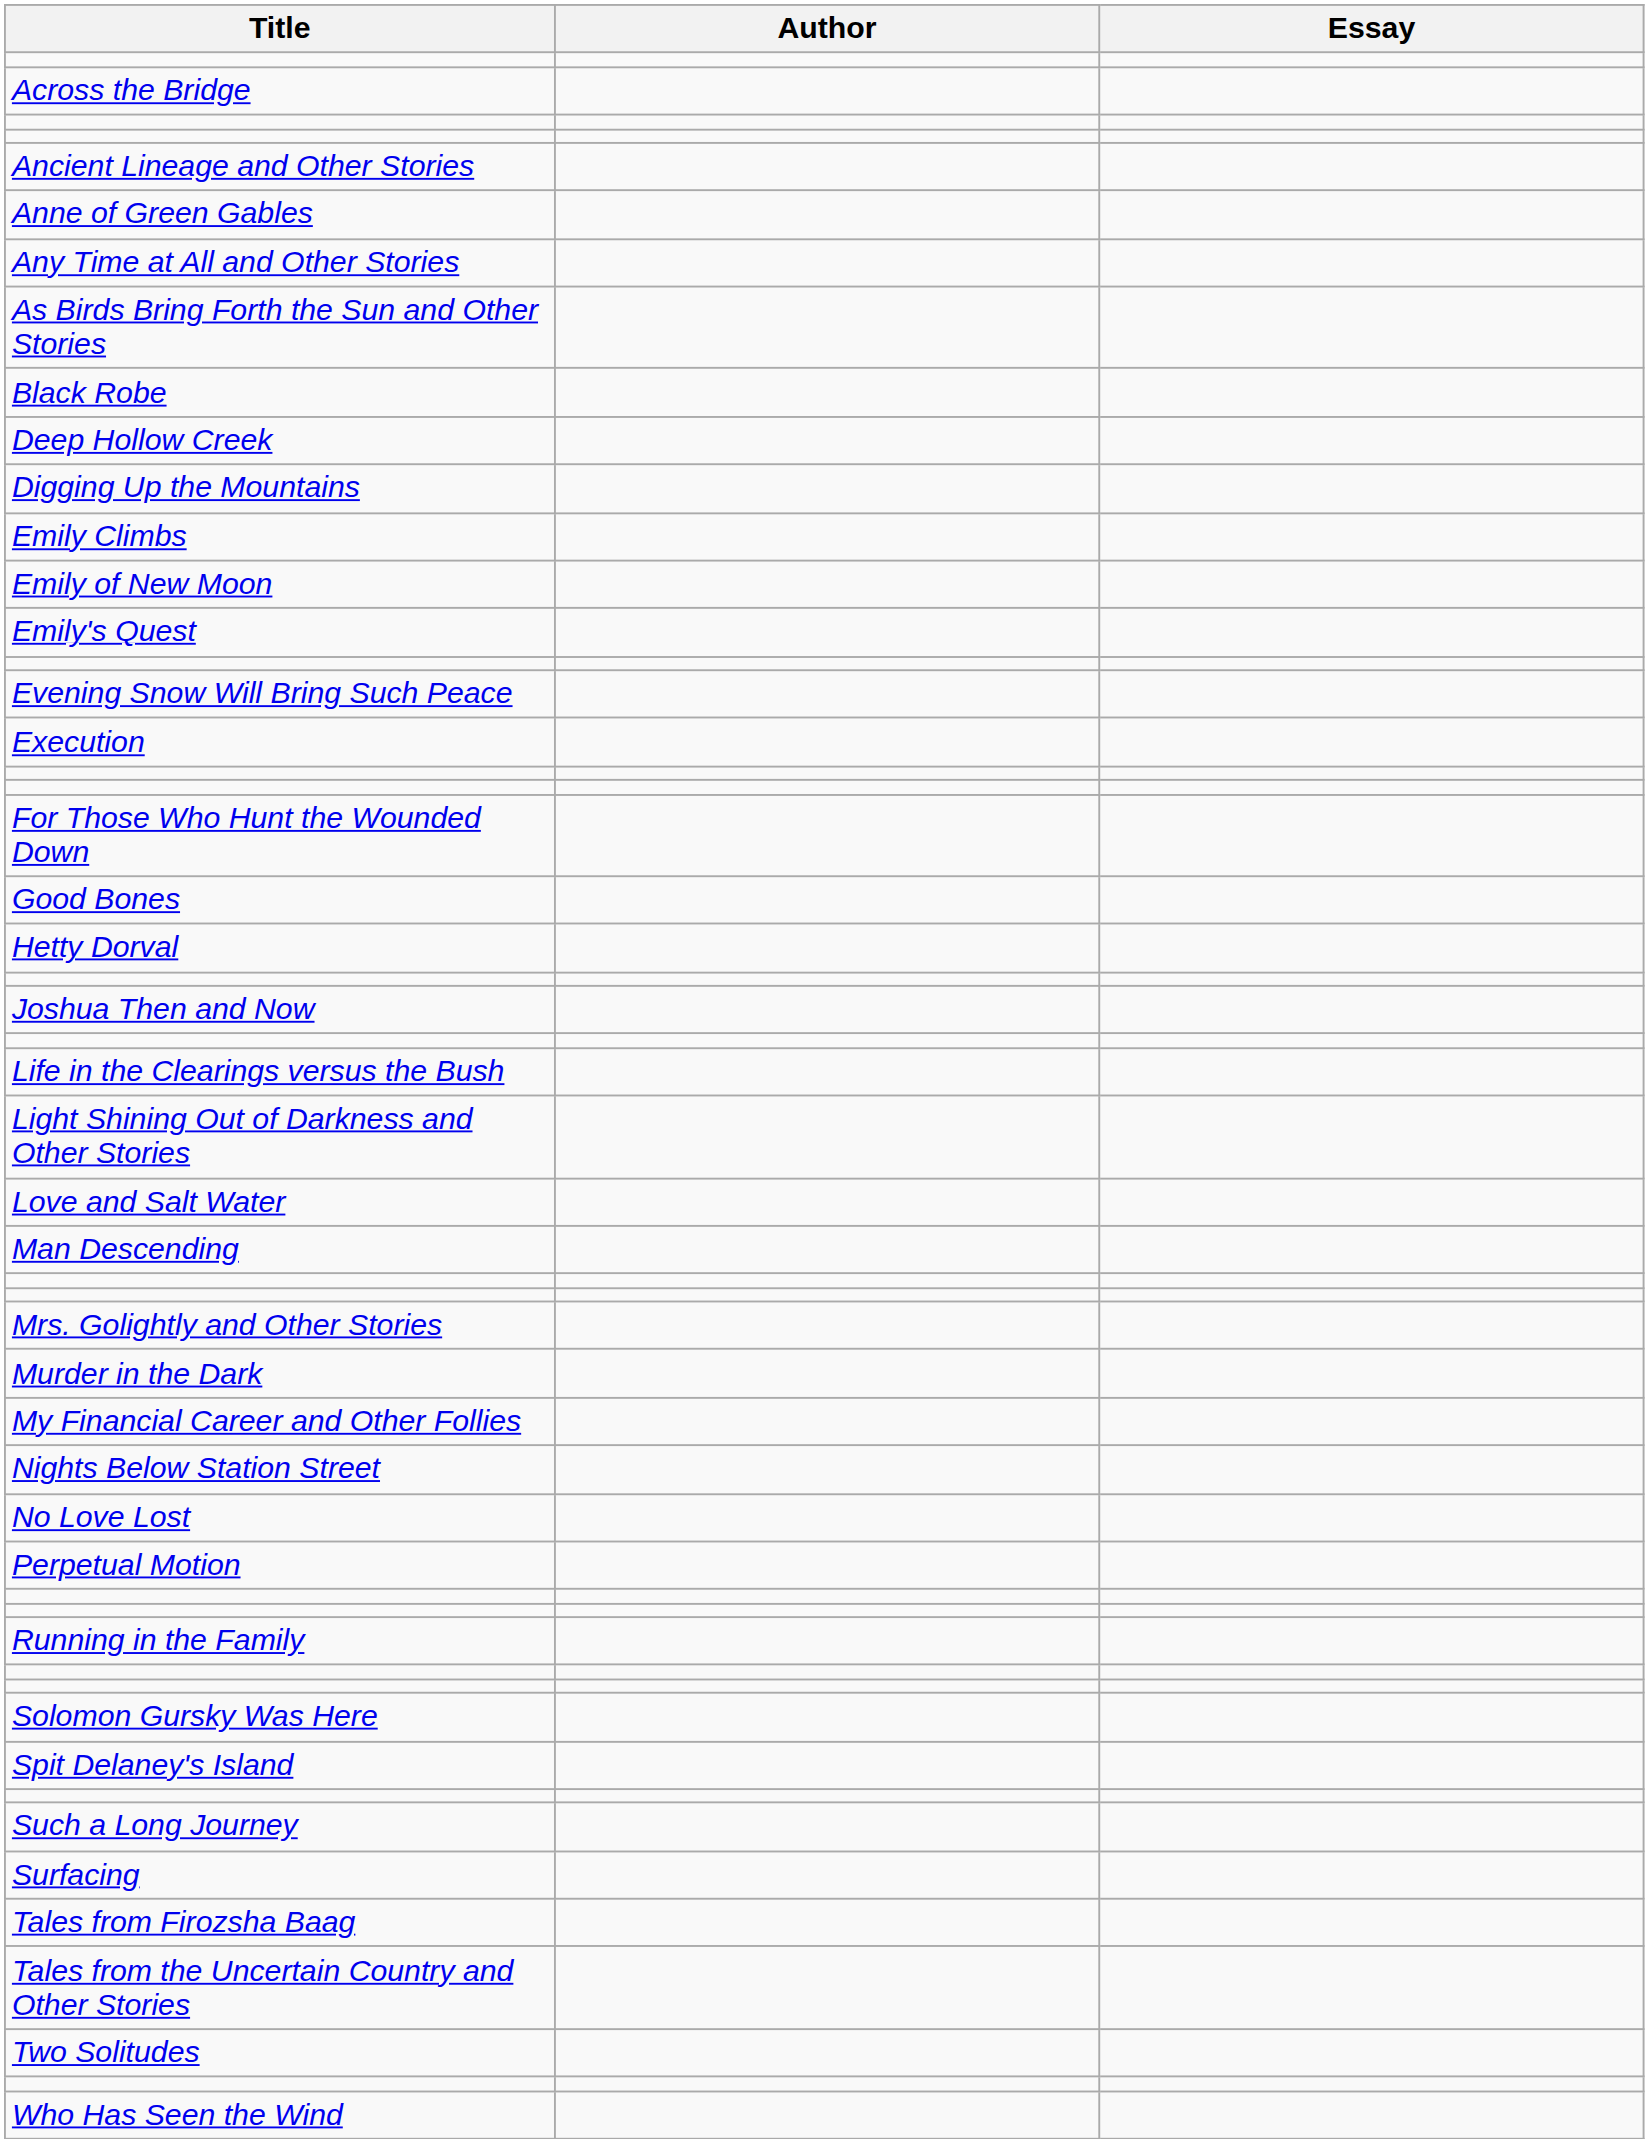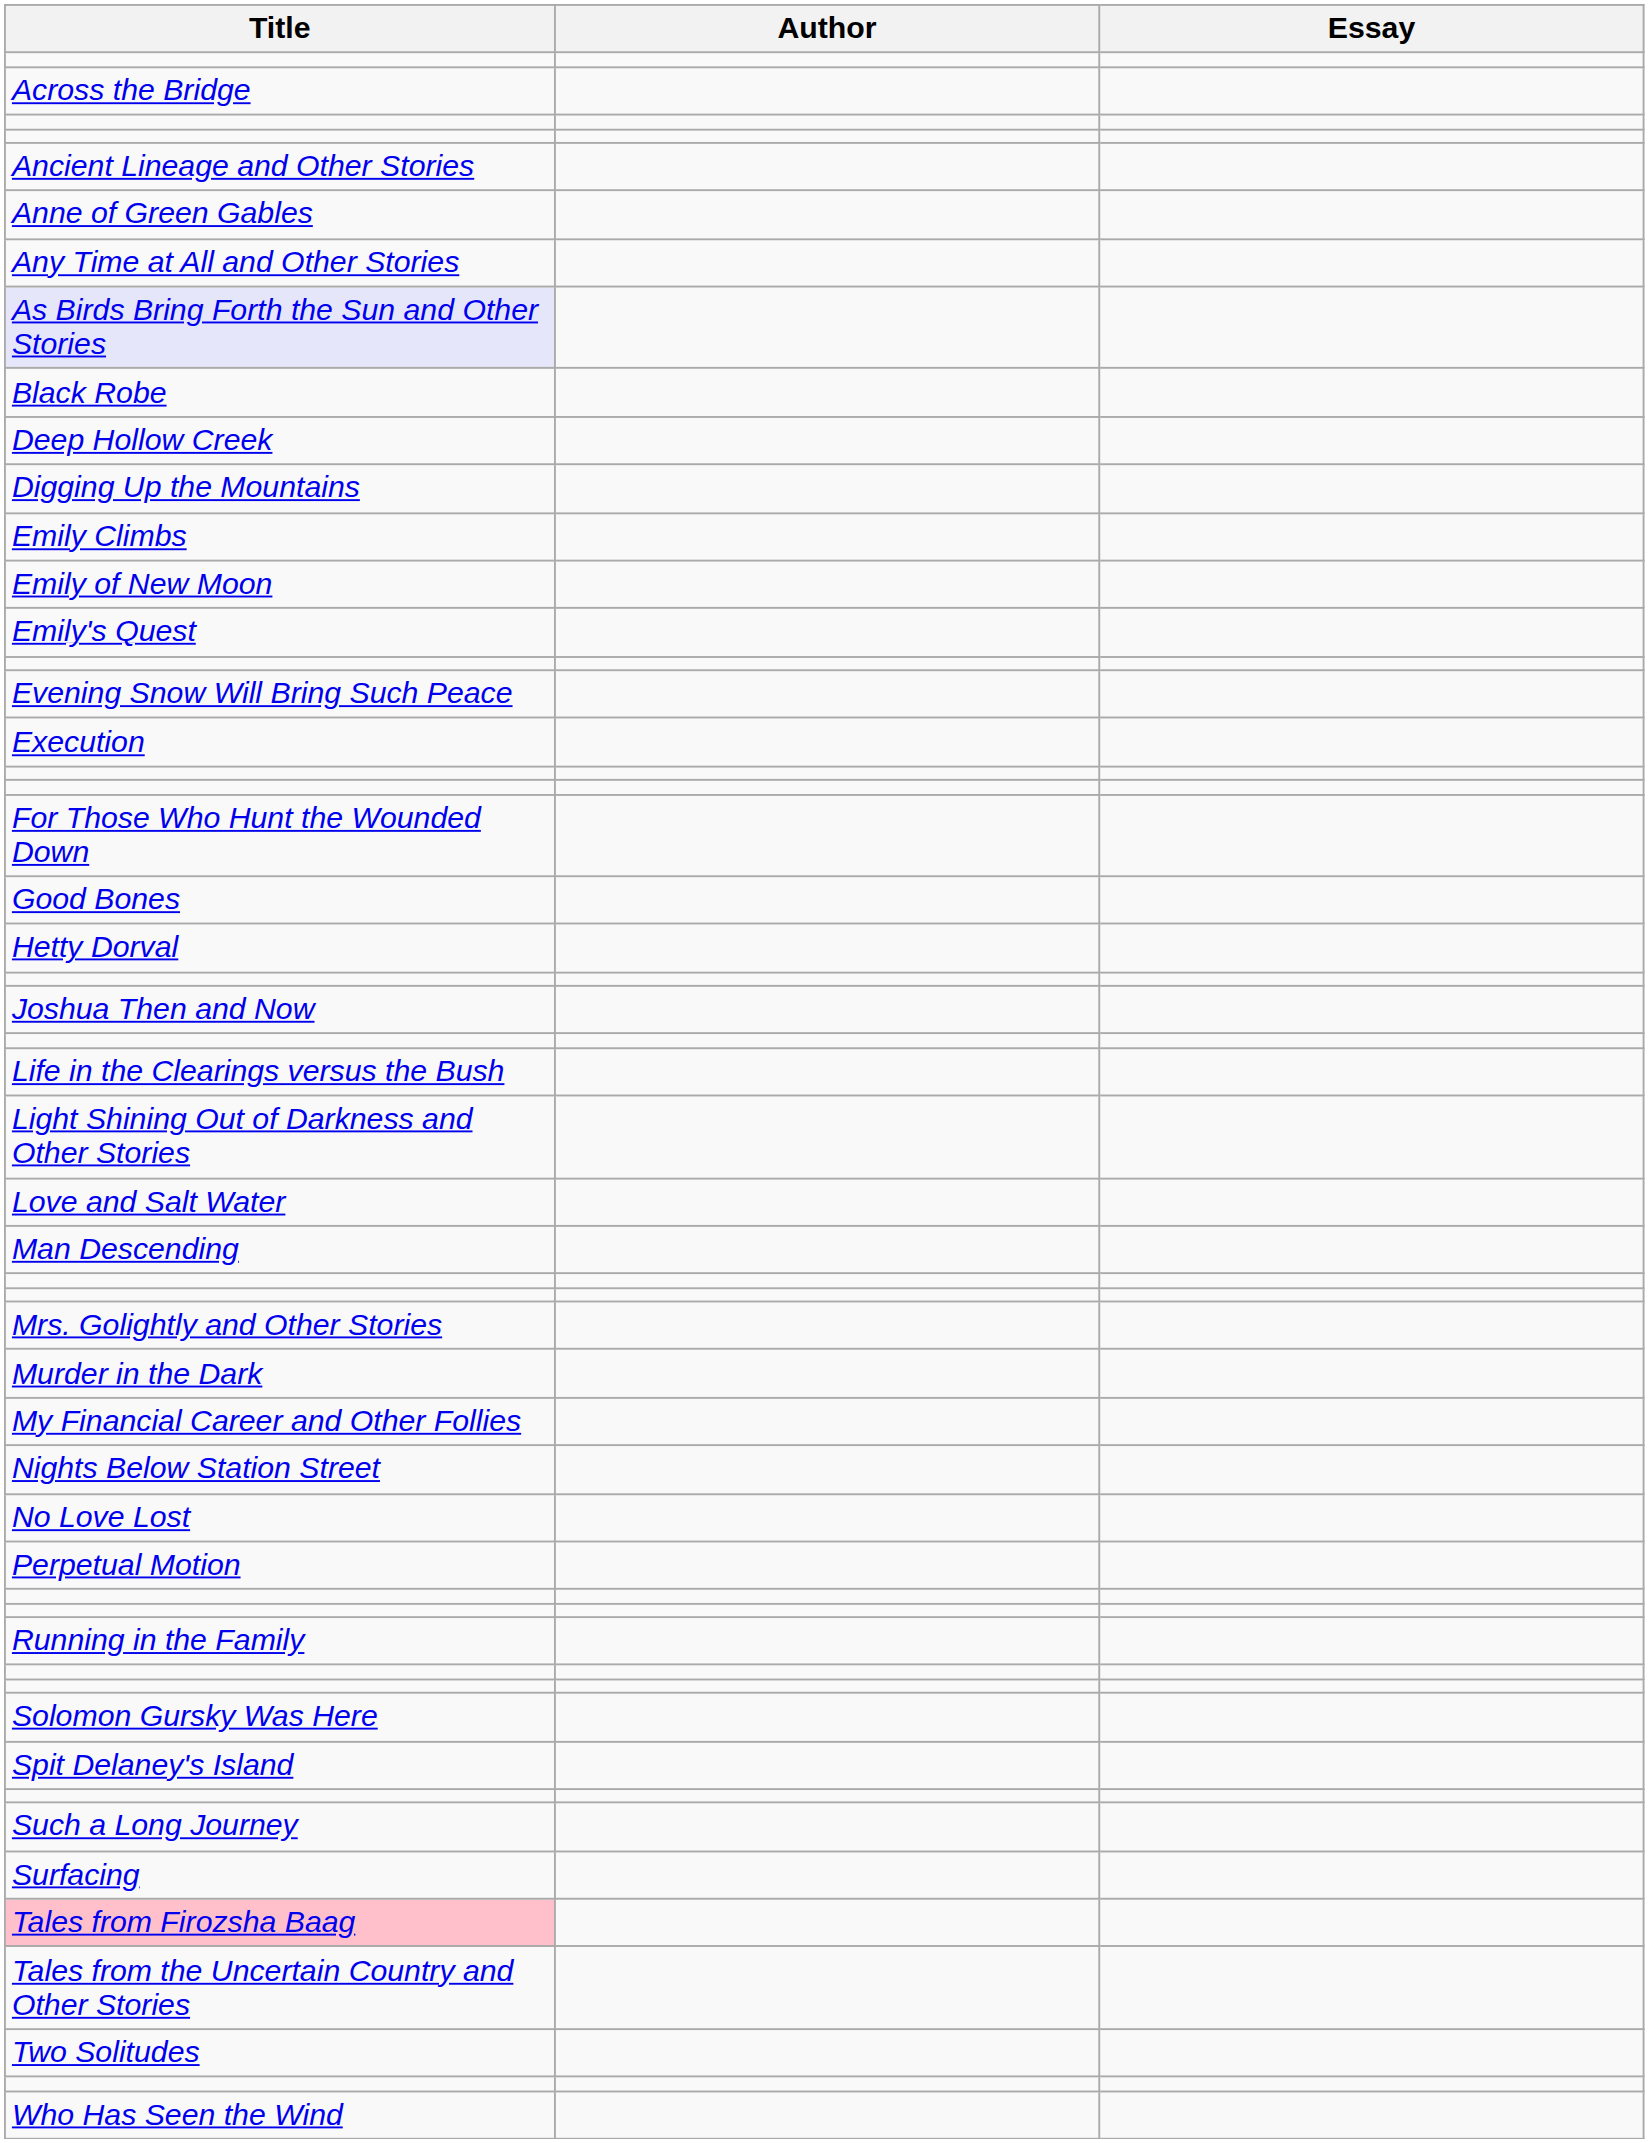 <table class="wikitable sortable">
 <tr>
 <th width=300>Title</th>
 <th width=300>Author</th>
 <th width=300>Essay</th>
 </tr>
 <tr align=center>
 <td align=left><em></em></td>
 <td align=left></td>
 <td align=left></td>
 </tr>
 <tr align=center>
 <td align=left><em><a href='#'>Across the Bridge</a></em></td>
 <td align=left></td>
 <td align=left></td>
 </tr>
 <tr align=center>
 <td align=left><em></em></td>
 <td align=left></td>
 <td align=left></td>
 </tr>
 <tr align=center>
 <td align=left><em></em></td>
 <td align=left></td>
 <td align=left></td>
 </tr>
 <tr align=center>
 <td align=left><em><a href='#'>Ancient Lineage and Other Stories</a></em></td>
 <td align=left></td>
 <td align=left></td>
 </tr>
 <tr align=center>
 <td align=left><em><a href='#'>Anne of Green Gables</a></em></td>
 <td align=left></td>
 <td align=left></td>
 </tr>
 <tr align=center>
 <td align=left><em><a href='#'>Any Time at All and Other Stories</a></em></td>
 <td align=left></td>
 <td align=left></td>
 </tr>
 <tr align=center>
-<td align=left><em><a href='#'>As Birds Bring Forth the Sun and Other Stories</a></em></td>
+<td align=left style="background: lavender;"><em><a href='#'>As Birds Bring Forth the Sun and Other Stories</a></em></td>
 <td align=left></td>
 <td align=left></td>
 </tr>
 <tr align=center>
 <td align=left><em><a href='#'>Black Robe</a></em></td>
 <td align=left></td>
 <td align=left></td>
 </tr>
 <tr align=center>
 <td align=left><em><a href='#'>Deep Hollow Creek</a></em></td>
 <td align=left></td>
 <td align=left></td>
 </tr>
 <tr align=center>
 <td align=left><em><a href='#'>Digging Up the Mountains</a></em></td>
 <td align=left></td>
 <td align=left></td>
 </tr>
 <tr align=center>
 <td align=left><em><a href='#'>Emily Climbs</a></em></td>
 <td align=left></td>
 <td align=left></td>
 </tr>
 <tr align=center>
 <td align=left><em><a href='#'>Emily of New Moon</a></em></td>
 <td align=left></td>
 <td align=left></td>
 </tr>
 <tr align=center>
 <td align=left><em><a href='#'>Emily's Quest</a></em></td>
 <td align=left></td>
 <td align=left></td>
 </tr>
 <tr align=center>
 <td align=left><em></em></td>
 <td align=left></td>
 <td align=left></td>
 </tr>
 <tr align=center>
 <td align=left><em><a href='#'>Evening Snow Will Bring Such Peace</a></em></td>
 <td align=left></td>
 <td align=left></td>
 </tr>
 <tr align=center>
 <td align=left><em><a href='#'>Execution</a></em></td>
 <td align=left></td>
 <td align=left></td>
 </tr>
 <tr align=center>
 <td align=left><em></em></td>
 <td align=left></td>
 <td align=left></td>
 </tr>
 <tr align=center>
 <td align=left><em></em></td>
 <td align=left></td>
 <td align=left></td>
 </tr>
 <tr align=center>
 <td align=left><em><a href='#'>For Those Who Hunt the Wounded Down</a></em></td>
 <td align=left></td>
 <td align=left></td>
 </tr>
 <tr align=center>
 <td align=left><em><a href='#'>Good Bones</a></em></td>
 <td align=left></td>
 <td align=left></td>
 </tr>
 <tr align=center>
 <td align=left><em><a href='#'>Hetty Dorval</a></em></td>
 <td align=left></td>
 <td align=left></td>
 </tr>
 <tr align=center>
 <td align=left><em></em></td>
 <td align=left></td>
 <td align=left></td>
 </tr>
 <tr align=center>
 <td align=left><em><a href='#'>Joshua Then and Now</a></em></td>
 <td align=left></td>
 <td align=left></td>
 </tr>
 <tr align=center>
 <td align=left><em></em></td>
 <td align=left></td>
 <td align=left></td>
 </tr>
 <tr align=center>
 <td align=left><em><a href='#'>Life in the Clearings versus the Bush</a></em></td>
 <td align=left></td>
 <td align=left></td>
 </tr>
 <tr align=center>
 <td align=left><em><a href='#'>Light Shining Out of Darkness and Other Stories</a></em></td>
 <td align=left></td>
 <td align=left></td>
 </tr>
 <tr align=center>
 <td align=left><em><a href='#'>Love and Salt Water</a></em></td>
 <td align=left></td>
 <td align=left></td>
 </tr>
 <tr align=center>
 <td align=left><em><a href='#'>Man Descending</a></em></td>
 <td align=left></td>
 <td align=left></td>
 </tr>
 <tr align=center>
 <td align=left><em></em></td>
 <td align=left></td>
 <td align=left></td>
 </tr>
 <tr align=center>
 <td align=left><em></em></td>
 <td align=left></td>
 <td align=left></td>
 </tr>
 <tr align=center>
 <td align=left><em><a href='#'>Mrs. Golightly and Other Stories</a></em></td>
 <td align=left></td>
 <td align=left></td>
 </tr>
 <tr align=center>
 <td align=left><em><a href='#'>Murder in the Dark</a></em></td>
 <td align=left></td>
 <td align=left></td>
 </tr>
 <tr align=center>
 <td align=left><em><a href='#'>My Financial Career and Other Follies</a></em></td>
 <td align=left></td>
 <td align=left></td>
 </tr>
 <tr align=center>
 <td align=left><em><a href='#'>Nights Below Station Street</a></em></td>
 <td align=left></td>
 <td align=left></td>
 </tr>
 <tr align=center>
 <td align=left><em><a href='#'>No Love Lost</a></em></td>
 <td align=left></td>
 <td align=left></td>
 </tr>
 <tr align=center>
 <td align=left><em><a href='#'>Perpetual Motion</a></em></td>
 <td align=left></td>
 <td align=left></td>
 </tr>
 <tr align=center>
 <td align=left><em></em></td>
 <td align=left></td>
 <td align=left></td>
 </tr>
 <tr align=center>
 <td align=left><em></em></td>
 <td align=left></td>
 <td align=left></td>
 </tr>
 <tr align=center>
 <td align=left><em><a href='#'>Running in the Family</a></em></td>
 <td align=left></td>
 <td align=left></td>
 </tr>
 <tr align=center>
 <td align=left><em></em></td>
 <td align=left></td>
 <td align=left></td>
 </tr>
 <tr align=center>
 <td align=left><em></em></td>
 <td align=left></td>
 <td align=left></td>
 </tr>
 <tr align=center>
 <td align=left><em><a href='#'>Solomon Gursky Was Here</a></em></td>
 <td align=left></td>
 <td align=left></td>
 </tr>
 <tr align=center>
 <td align=left><em><a href='#'>Spit Delaney's Island</a></em></td>
 <td align=left></td>
 <td align=left></td>
 </tr>
 <tr align=center>
 <td align=left><em></em></td>
 <td align=left></td>
 <td align=left></td>
 </tr>
 <tr align=center>
 <td align=left><em><a href='#'>Such a Long Journey</a></em></td>
 <td align=left></td>
 <td align=left></td>
 </tr>
 <tr align=center>
 <td align=left><em><a href='#'>Surfacing</a></em></td>
 <td align=left></td>
 <td align=left></td>
 </tr>
 <tr align=center>
-<td align=left><em><a href='#'>Tales from Firozsha Baag</a></em></td>
+<td align=left style="background: pink;"><em><a href='#'>Tales from Firozsha Baag</a></em></td>
 <td align=left></td>
 <td align=left></td>
 </tr>
 <tr align=center>
 <td align=left><em><a href='#'>Tales from the Uncertain Country and Other Stories</a></em></td>
 <td align=left></td>
 <td align=left></td>
 </tr>
 <tr align=center>
 <td align=left><em><a href='#'>Two Solitudes</a></em></td>
 <td align=left></td>
 <td align=left></td>
 </tr>
 <tr align=center>
 <td align=left><em></em></td>
 <td align=left></td>
 <td align=left></td>
 </tr>
 <tr align=center>
 <td align=left><em><a href='#'>Who Has Seen the Wind</a></em></td>
 <td align=left></td>
 <td align=left></td>
 </tr>
 </table>
